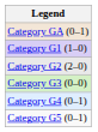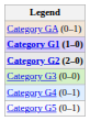 <table class=wikitable style=font-size:90%>
 <tr>
 <th>Legend</th>
 </tr>
 <tr bgcolor="F3E6D7">
 <td><a href='#'>Category GA</a> (0–1)</td>
 </tr>
 <tr bgcolor="d8cef6">
-<td><a href='#'>Category G1</a> (1–0)</td>
+<td><strong><a href='#'>Category G1</a> (1–0)</strong></td>
 </tr>
 <tr bgcolor="e9e9e9">
-<td><a href='#'>Category G2</a> (2–0)</td>
+<td><strong><a href='#'>Category G2</a> (2–0)</strong></td>
 </tr>
 <tr bgcolor="D4F1C5">
 <td><a href='#'>Category G3</a> (0–0)</td>
 </tr>
 <tr bgcolor="dfeeff">
 <td><a href='#'>Category G4</a> (0–1)</td>
 </tr>
 <tr>
 <td><a href='#'>Category G5</a> (0–1)</td>
 </tr>
 </table>
